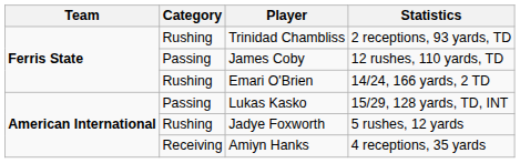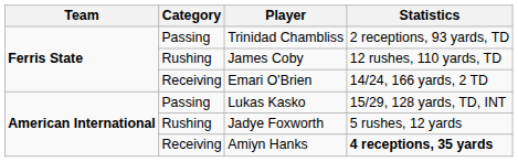 <table class="wikitable" style="float: left;">
 <tr>
 <th>Team</th>
 <th>Category</th>
 <th>Player</th>
 <th>Statistics</th>
 </tr>
 <tr>
 <td rowspan=3><strong>Ferris State</strong></td>
-<td>Rushing</td>
+<td>Passing</td>
 <td>Trinidad Chambliss</td>
 <td>2 receptions, 93 yards, TD</td>
 </tr>
 <tr>
-<td>Passing</td>
+<td>Rushing</td>
 <td>James Coby</td>
 <td>12 rushes, 110 yards, TD</td>
 </tr>
 <tr>
-<td>Rushing</td>
+<td>Receiving</td>
 <td>Emari O'Brien</td>
 <td>14/24, 166 yards, 2 TD</td>
 </tr>
 <tr>
 <td rowspan=3><strong>American International</strong></td>
 <td>Passing</td>
 <td>Lukas Kasko</td>
 <td>15/29, 128 yards, TD, INT</td>
 </tr>
 <tr>
 <td>Rushing</td>
 <td>Jadye Foxworth</td>
 <td>5 rushes, 12 yards</td>
 </tr>
 <tr>
 <td>Receiving</td>
 <td>Amiyn Hanks</td>
-<td>4 receptions, 35 yards</td>
+<td><strong>4 receptions, 35 yards</strong></td>
 </tr>
 </table>
